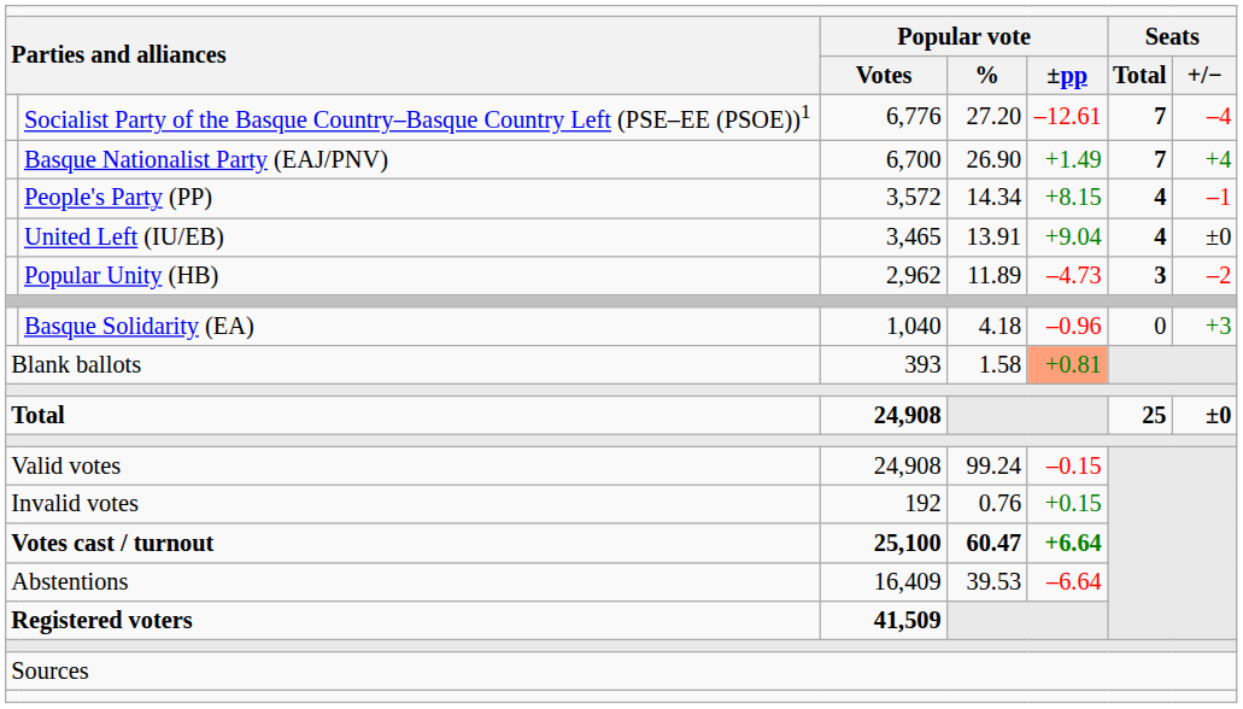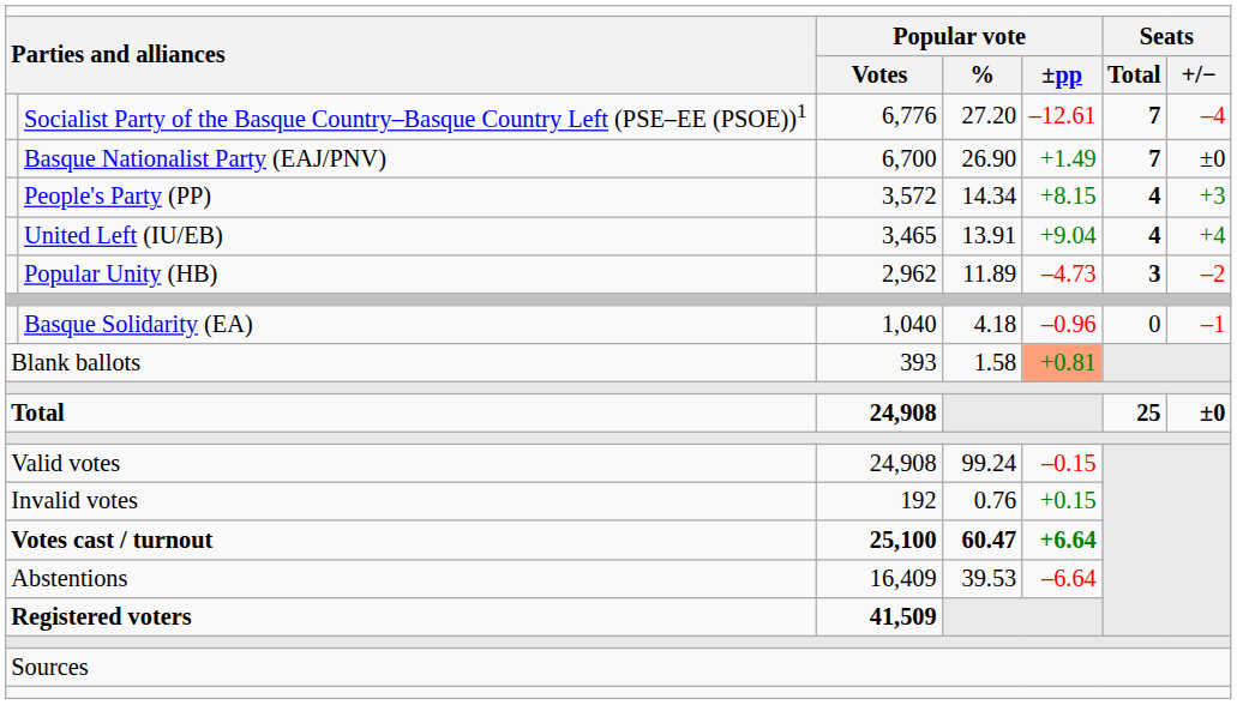 <table class="wikitable" style="text-align:right;">
 <tr>
 <td colspan="7"></td>
 </tr>
 <tr>
 <th style="text-align:left;" rowspan="2" colspan="2" width="525">Parties and alliances</th>
 <th colspan="3">Popular vote</th>
 <th colspan="2">Seats</th>
 </tr>
 <tr>
 <th width="75">Votes</th>
 <th width="45">%</th>
 <th width="45">±<a href='#'>pp</a></th>
 <th width="35">Total</th>
 <th width="35">+/−</th>
 </tr>
 <tr>
 <td width="1" style="color:inherit;background:"></td>
 <td align="left"><a href='#'>Socialist Party of the Basque Country–Basque Country Left</a> (PSE–EE (PSOE))<sup>1</sup></td>
 <td>6,776</td>
 <td>27.20</td>
 <td style="color:red;">–12.61</td>
 <td><strong>7</strong></td>
 <td style="color:red;">–4</td>
 </tr>
 <tr>
 <td style="color:inherit;background:"></td>
 <td align="left"><a href='#'>Basque Nationalist Party</a> (EAJ/PNV)</td>
 <td>6,700</td>
 <td>26.90</td>
 <td style="color:green;">+1.49</td>
 <td><strong>7</strong></td>
-<td style="color:green;">+4</td>
+<td>±0</td>
 </tr>
 <tr>
 <td style="color:inherit;background:"></td>
 <td align="left"><a href='#'>People's Party</a> (PP)</td>
 <td>3,572</td>
 <td>14.34</td>
 <td style="color:green;">+8.15</td>
 <td><strong>4</strong></td>
-<td style="color:red;">–1</td>
+<td style="color:green;">+3</td>
 </tr>
 <tr>
 <td style="color:inherit;background:"></td>
 <td align="left"><a href='#'>United Left</a> (IU/EB)</td>
 <td>3,465</td>
 <td>13.91</td>
 <td style="color:green;">+9.04</td>
 <td><strong>4</strong></td>
-<td>±0</td>
+<td style="color:green;">+4</td>
 </tr>
 <tr>
 <td style="color:inherit;background:"></td>
 <td align="left"><a href='#'>Popular Unity</a> (HB)</td>
 <td>2,962</td>
 <td>11.89</td>
 <td style="color:red;">–4.73</td>
 <td><strong>3</strong></td>
 <td style="color:red;">–2</td>
 </tr>
 <tr>
 <td colspan="7" bgcolor="#C0C0C0"></td>
 </tr>
 <tr>
 <td style="color:inherit;background:"></td>
 <td align="left"><a href='#'>Basque Solidarity</a> (EA)</td>
 <td>1,040</td>
 <td>4.18</td>
 <td style="color:red;">–0.96</td>
 <td>0</td>
-<td style="color:green;">+3</td>
+<td style="color:red;">–1</td>
 </tr>
 <tr>
 <td align="left" colspan="2">Blank ballots</td>
 <td>393</td>
 <td>1.58</td>
 <td style="background: lightsalmon; color:green;">+0.81</td>
 <td bgcolor="#E9E9E9" colspan="2"></td>
 </tr>
 <tr>
 <td colspan="7" bgcolor="#E9E9E9"></td>
 </tr>
 <tr style="font-weight:bold;">
 <td align="left" colspan="2">Total</td>
 <td>24,908</td>
 <td bgcolor="#E9E9E9" colspan="2"></td>
 <td>25</td>
 <td>±0</td>
 </tr>
 <tr>
 <td colspan="7" bgcolor="#E9E9E9"></td>
 </tr>
 <tr>
 <td align="left" colspan="2">Valid votes</td>
 <td>24,908</td>
 <td>99.24</td>
 <td style="color:red;">–0.15</td>
 <td bgcolor="#E9E9E9" colspan="2" rowspan="5"></td>
 </tr>
 <tr>
 <td align="left" colspan="2">Invalid votes</td>
 <td>192</td>
 <td>0.76</td>
 <td style="color:green;">+0.15</td>
 </tr>
 <tr style="font-weight:bold;">
 <td align="left" colspan="2">Votes cast / turnout</td>
 <td>25,100</td>
 <td>60.47</td>
 <td style="color:green;">+6.64</td>
 </tr>
 <tr>
 <td align="left" colspan="2">Abstentions</td>
 <td>16,409</td>
 <td>39.53</td>
 <td style="color:red;">–6.64</td>
 </tr>
 <tr style="font-weight:bold;">
 <td align="left" colspan="2">Registered voters</td>
 <td>41,509</td>
 <td bgcolor="#E9E9E9" colspan="2"></td>
 </tr>
 <tr>
 <td colspan="7" bgcolor="#E9E9E9"></td>
 </tr>
 <tr>
 <td align="left" colspan="7">Sources</td>
 </tr>
 <tr>
 <td colspan="7" style="text-align:left; max-width:790px;"></td>
 </tr>
 </table>
